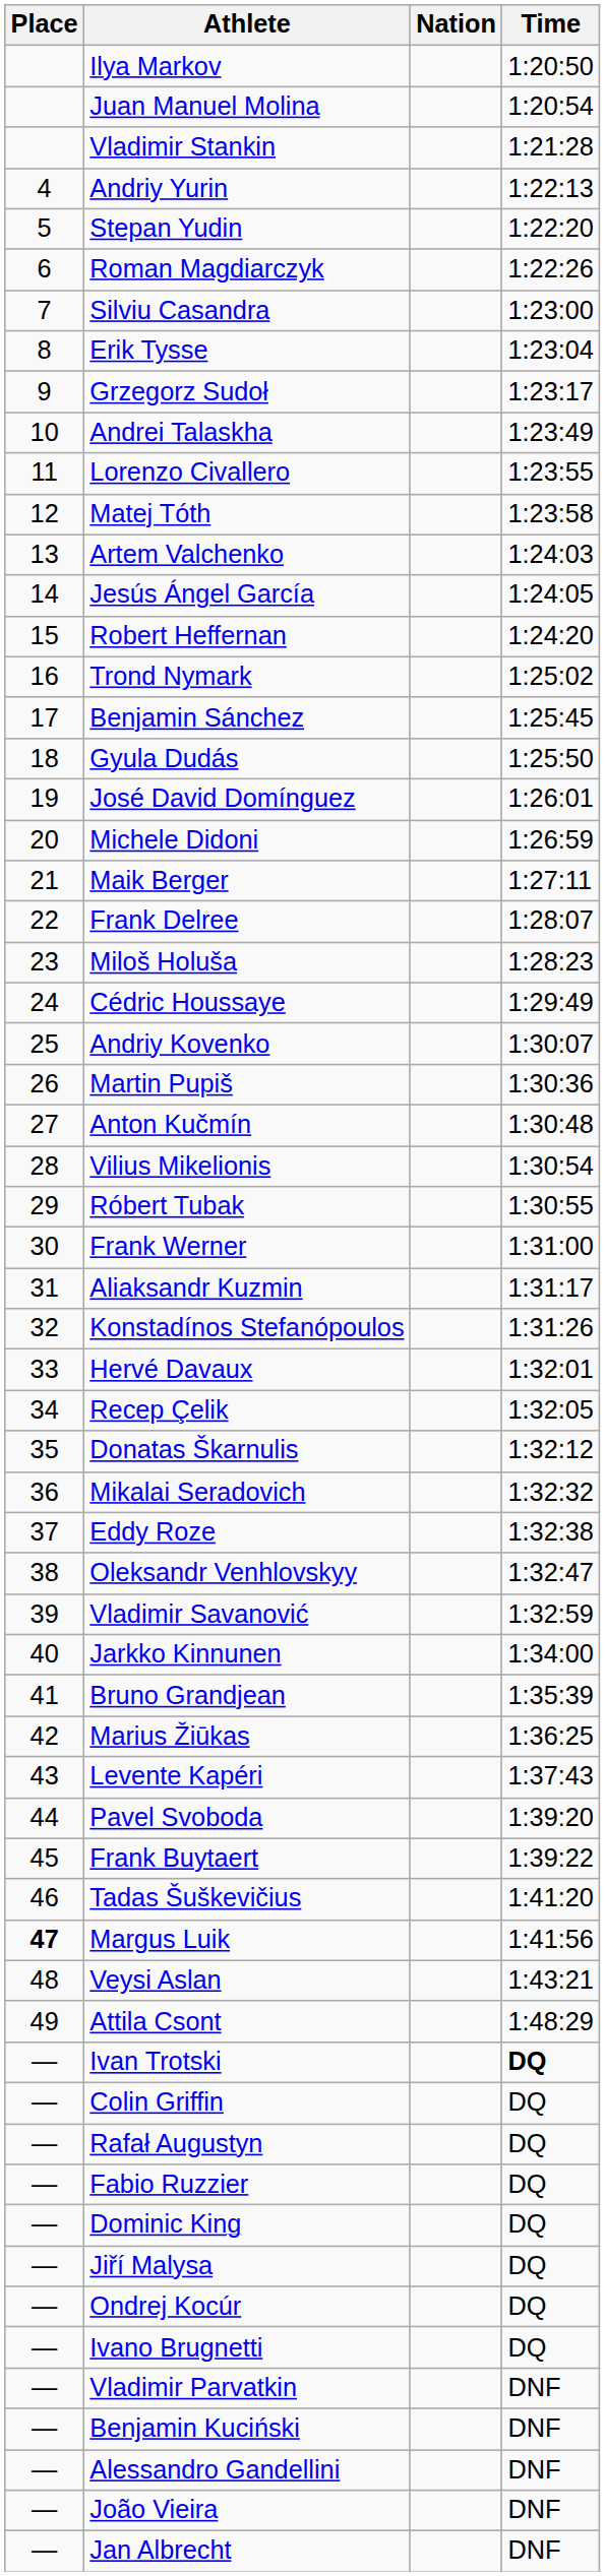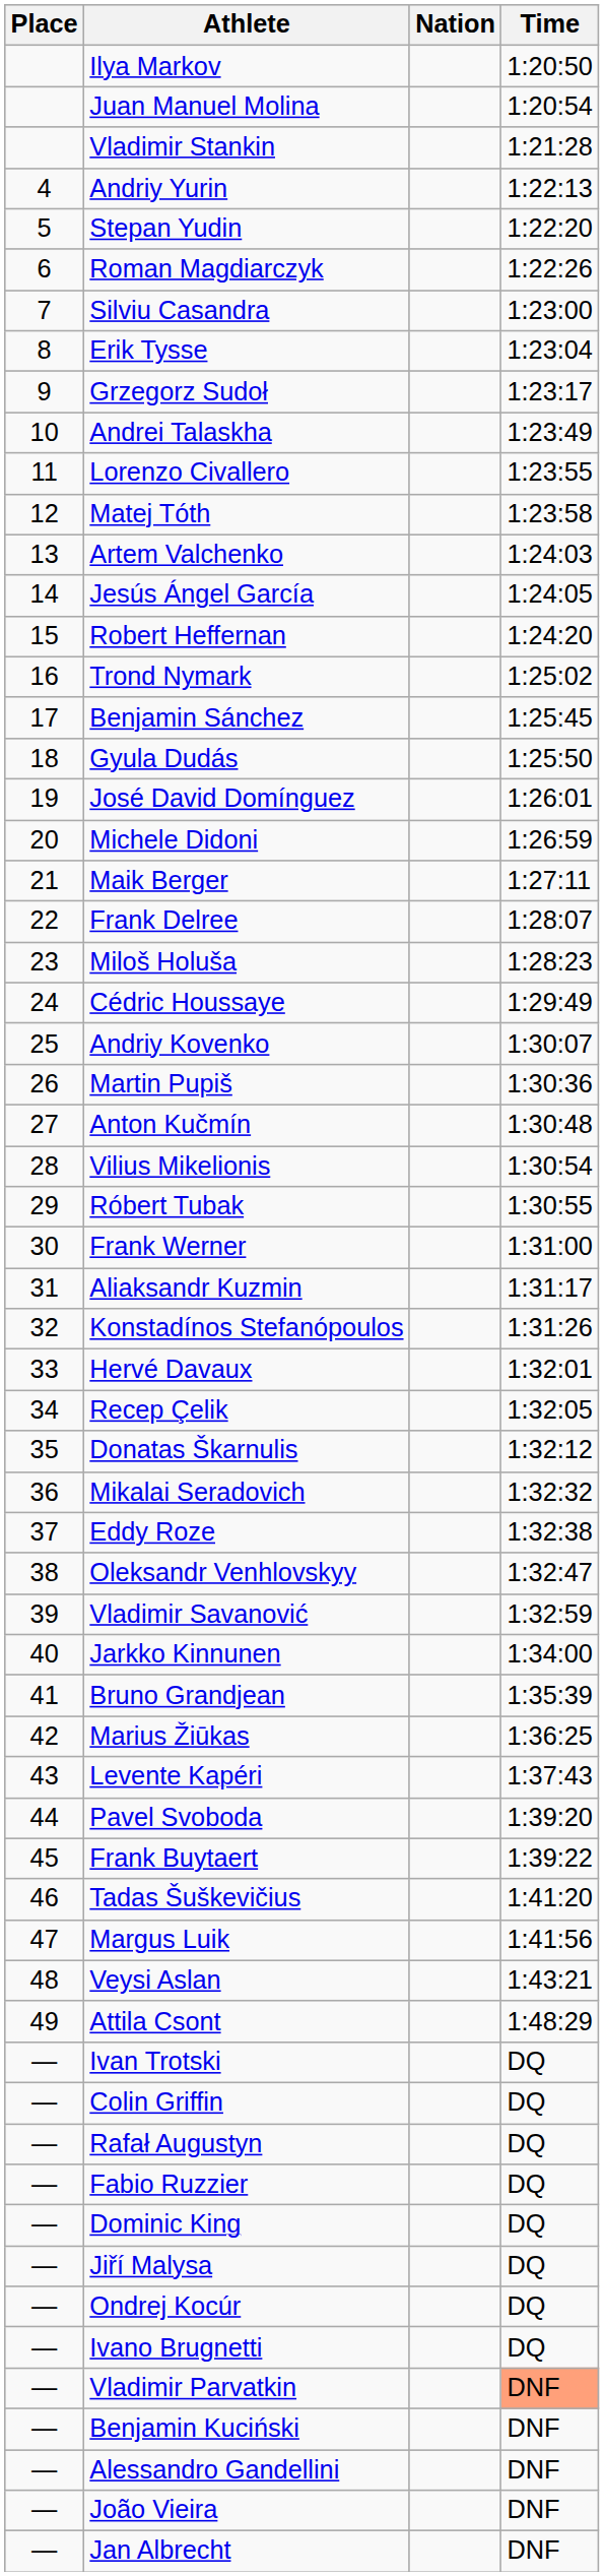 <table class=wikitable>
 <tr>
 <th>Place</th>
 <th>Athlete</th>
 <th>Nation</th>
 <th>Time</th>
 </tr>
 <tr>
 <td align=center></td>
 <td><a href='#'>Ilya Markov</a></td>
 <td></td>
 <td>1:20:50</td>
 </tr>
 <tr>
 <td align=center></td>
 <td><a href='#'>Juan Manuel Molina</a></td>
 <td></td>
 <td>1:20:54</td>
 </tr>
 <tr>
 <td align=center></td>
 <td><a href='#'>Vladimir Stankin</a></td>
 <td></td>
 <td>1:21:28</td>
 </tr>
 <tr>
 <td align=center>4</td>
 <td><a href='#'>Andriy Yurin</a></td>
 <td></td>
 <td>1:22:13</td>
 </tr>
 <tr>
 <td align=center>5</td>
 <td><a href='#'>Stepan Yudin</a></td>
 <td></td>
 <td>1:22:20</td>
 </tr>
 <tr>
 <td align=center>6</td>
 <td><a href='#'>Roman Magdiarczyk</a></td>
 <td></td>
 <td>1:22:26</td>
 </tr>
 <tr>
 <td align=center>7</td>
 <td><a href='#'>Silviu Casandra</a></td>
 <td></td>
 <td>1:23:00</td>
 </tr>
 <tr>
 <td align=center>8</td>
 <td><a href='#'>Erik Tysse</a></td>
 <td></td>
 <td>1:23:04</td>
 </tr>
 <tr>
 <td align=center>9</td>
 <td><a href='#'>Grzegorz Sudoł</a></td>
 <td></td>
 <td>1:23:17</td>
 </tr>
 <tr>
 <td align=center>10</td>
 <td><a href='#'>Andrei Talaskha</a></td>
 <td></td>
 <td>1:23:49</td>
 </tr>
 <tr>
 <td align=center>11</td>
 <td><a href='#'>Lorenzo Civallero</a></td>
 <td></td>
 <td>1:23:55</td>
 </tr>
 <tr>
 <td align=center>12</td>
 <td><a href='#'>Matej Tóth</a></td>
 <td></td>
 <td>1:23:58</td>
 </tr>
 <tr>
 <td align=center>13</td>
 <td><a href='#'>Artem Valchenko</a></td>
 <td></td>
 <td>1:24:03</td>
 </tr>
 <tr>
 <td align=center>14</td>
 <td><a href='#'>Jesús Ángel García</a></td>
 <td></td>
 <td>1:24:05</td>
 </tr>
 <tr>
 <td align=center>15</td>
 <td><a href='#'>Robert Heffernan</a></td>
 <td></td>
 <td>1:24:20</td>
 </tr>
 <tr>
 <td align=center>16</td>
 <td><a href='#'>Trond Nymark</a></td>
 <td></td>
 <td>1:25:02</td>
 </tr>
 <tr>
 <td align=center>17</td>
 <td><a href='#'>Benjamin Sánchez</a></td>
 <td></td>
 <td>1:25:45</td>
 </tr>
 <tr>
 <td align=center>18</td>
 <td><a href='#'>Gyula Dudás</a></td>
 <td></td>
 <td>1:25:50</td>
 </tr>
 <tr>
 <td align=center>19</td>
 <td><a href='#'>José David Domínguez</a></td>
 <td></td>
 <td>1:26:01</td>
 </tr>
 <tr>
 <td align=center>20</td>
 <td><a href='#'>Michele Didoni</a></td>
 <td></td>
 <td>1:26:59</td>
 </tr>
 <tr>
 <td align=center>21</td>
 <td><a href='#'>Maik Berger</a></td>
 <td></td>
 <td>1:27:11</td>
 </tr>
 <tr>
 <td align=center>22</td>
 <td><a href='#'>Frank Delree</a></td>
 <td></td>
 <td>1:28:07</td>
 </tr>
 <tr>
 <td align=center>23</td>
 <td><a href='#'>Miloš Holuša</a></td>
 <td></td>
 <td>1:28:23</td>
 </tr>
 <tr>
 <td align=center>24</td>
 <td><a href='#'>Cédric Houssaye</a></td>
 <td></td>
 <td>1:29:49</td>
 </tr>
 <tr>
 <td align=center>25</td>
 <td><a href='#'>Andriy Kovenko</a></td>
 <td></td>
 <td>1:30:07</td>
 </tr>
 <tr>
 <td align=center>26</td>
 <td><a href='#'>Martin Pupiš</a></td>
 <td></td>
 <td>1:30:36</td>
 </tr>
 <tr>
 <td align=center>27</td>
 <td><a href='#'>Anton Kučmín</a></td>
 <td></td>
 <td>1:30:48</td>
 </tr>
 <tr>
 <td align=center>28</td>
 <td><a href='#'>Vilius Mikelionis</a></td>
 <td></td>
 <td>1:30:54</td>
 </tr>
 <tr>
 <td align=center>29</td>
 <td><a href='#'>Róbert Tubak</a></td>
 <td></td>
 <td>1:30:55</td>
 </tr>
 <tr>
 <td align=center>30</td>
 <td><a href='#'>Frank Werner</a></td>
 <td></td>
 <td>1:31:00</td>
 </tr>
 <tr>
 <td align=center>31</td>
 <td><a href='#'>Aliaksandr Kuzmin</a></td>
 <td></td>
 <td>1:31:17</td>
 </tr>
 <tr>
 <td align=center>32</td>
 <td><a href='#'>Konstadínos Stefanópoulos</a></td>
 <td></td>
 <td>1:31:26</td>
 </tr>
 <tr>
 <td align=center>33</td>
 <td><a href='#'>Hervé Davaux</a></td>
 <td></td>
 <td>1:32:01</td>
 </tr>
 <tr>
 <td align=center>34</td>
 <td><a href='#'>Recep Çelik</a></td>
 <td></td>
 <td>1:32:05</td>
 </tr>
 <tr>
 <td align=center>35</td>
 <td><a href='#'>Donatas Škarnulis</a></td>
 <td></td>
 <td>1:32:12</td>
 </tr>
 <tr>
 <td align=center>36</td>
 <td><a href='#'>Mikalai Seradovich</a></td>
 <td></td>
 <td>1:32:32</td>
 </tr>
 <tr>
 <td align=center>37</td>
 <td><a href='#'>Eddy Roze</a></td>
 <td></td>
 <td>1:32:38</td>
 </tr>
 <tr>
 <td align=center>38</td>
 <td><a href='#'>Oleksandr Venhlovskyy</a></td>
 <td></td>
 <td>1:32:47</td>
 </tr>
 <tr>
 <td align=center>39</td>
 <td><a href='#'>Vladimir Savanović</a></td>
 <td></td>
 <td>1:32:59</td>
 </tr>
 <tr>
 <td align=center>40</td>
 <td><a href='#'>Jarkko Kinnunen</a></td>
 <td></td>
 <td>1:34:00</td>
 </tr>
 <tr>
 <td align=center>41</td>
 <td><a href='#'>Bruno Grandjean</a></td>
 <td></td>
 <td>1:35:39</td>
 </tr>
 <tr>
 <td align=center>42</td>
 <td><a href='#'>Marius Žiūkas</a></td>
 <td></td>
 <td>1:36:25</td>
 </tr>
 <tr>
 <td align=center>43</td>
 <td><a href='#'>Levente Kapéri</a></td>
 <td></td>
 <td>1:37:43</td>
 </tr>
 <tr>
 <td align=center>44</td>
 <td><a href='#'>Pavel Svoboda</a></td>
 <td></td>
 <td>1:39:20</td>
 </tr>
 <tr>
 <td align=center>45</td>
 <td><a href='#'>Frank Buytaert</a></td>
 <td></td>
 <td>1:39:22</td>
 </tr>
 <tr>
 <td align=center>46</td>
 <td><a href='#'>Tadas Šuškevičius</a></td>
 <td></td>
 <td>1:41:20</td>
 </tr>
 <tr>
-<td align=center><strong>47</strong></td>
+<td align=center>47</td>
 <td><a href='#'>Margus Luik</a></td>
 <td></td>
 <td>1:41:56</td>
 </tr>
 <tr>
 <td align=center>48</td>
 <td><a href='#'>Veysi Aslan</a></td>
 <td></td>
 <td>1:43:21</td>
 </tr>
 <tr>
 <td align=center>49</td>
 <td><a href='#'>Attila Csont</a></td>
 <td></td>
 <td>1:48:29</td>
 </tr>
 <tr>
 <td align=center>—</td>
 <td><a href='#'>Ivan Trotski</a></td>
 <td></td>
-<td><strong>DQ</strong></td>
+<td>DQ</td>
 </tr>
 <tr>
 <td align=center>—</td>
 <td><a href='#'>Colin Griffin</a></td>
 <td></td>
 <td>DQ</td>
 </tr>
 <tr>
 <td align=center>—</td>
 <td><a href='#'>Rafał Augustyn</a></td>
 <td></td>
 <td>DQ</td>
 </tr>
 <tr>
 <td align=center>—</td>
 <td><a href='#'>Fabio Ruzzier</a></td>
 <td></td>
 <td>DQ</td>
 </tr>
 <tr>
 <td align=center>—</td>
 <td><a href='#'>Dominic King</a></td>
 <td></td>
 <td>DQ</td>
 </tr>
 <tr>
 <td align=center>—</td>
 <td><a href='#'>Jiří Malysa</a></td>
 <td></td>
 <td>DQ</td>
 </tr>
 <tr>
 <td align=center>—</td>
 <td><a href='#'>Ondrej Kocúr</a></td>
 <td></td>
 <td>DQ</td>
 </tr>
 <tr>
 <td align=center>—</td>
 <td><a href='#'>Ivano Brugnetti</a></td>
 <td></td>
 <td>DQ</td>
 </tr>
 <tr>
 <td align=center>—</td>
 <td><a href='#'>Vladimir Parvatkin</a></td>
 <td></td>
-<td>DNF</td>
+<td style="background: lightsalmon;">DNF</td>
 </tr>
 <tr>
 <td align=center>—</td>
 <td><a href='#'>Benjamin Kuciński</a></td>
 <td></td>
 <td>DNF</td>
 </tr>
 <tr>
 <td align=center>—</td>
 <td><a href='#'>Alessandro Gandellini</a></td>
 <td></td>
 <td>DNF</td>
 </tr>
 <tr>
 <td align=center>—</td>
 <td><a href='#'>João Vieira</a></td>
 <td></td>
 <td>DNF</td>
 </tr>
 <tr>
 <td align=center>—</td>
 <td><a href='#'>Jan Albrecht</a></td>
 <td></td>
 <td>DNF</td>
 </tr>
 </table>
